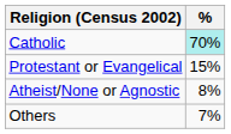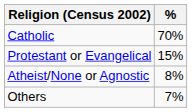 <table class="wikitable">
 <tr>
 <th>Religion (Census 2002)</th>
 <th>%</th>
 </tr>
 <tr>
 <td><a href='#'>Catholic</a></td>
-<td style="background: paleturquoise; text-align:right;">70%</td>
+<td style="text-align:right;">70%</td>
 </tr>
 <tr>
 <td><a href='#'>Protestant</a> or <a href='#'>Evangelical</a></td>
 <td style="text-align:right;">15%</td>
 </tr>
 <tr>
 <td><a href='#'>Atheist</a>/<a href='#'>None</a> or <a href='#'>Agnostic</a></td>
 <td style="text-align:right;">8%</td>
 </tr>
 <tr>
 <td>Others</td>
 <td style="text-align:right;">7%</td>
 </tr>
 </table>
